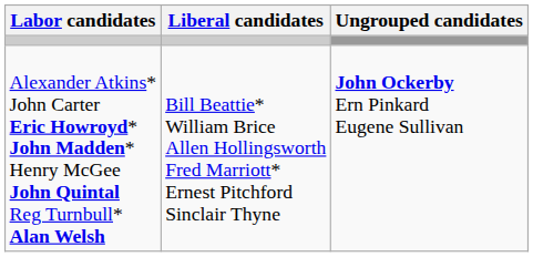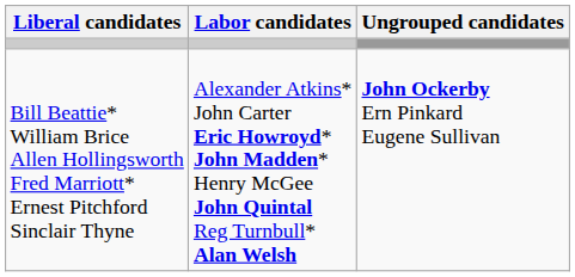 <table class="wikitable">
 <tr>
+<th><a href='#'>Liberal</a> candidates</th>
 <th><a href='#'>Labor</a> candidates</th>
-<th><a href='#'>Liberal</a> candidates</th>
 <th>Ungrouped candidates</th>
 </tr>
 <tr bgcolor="#cccccc">
 <td></td>
 <td></td>
 <td bgcolor="#999999"></td>
 </tr>
 <tr>
+<td><br><a href='#'>Bill Beattie</a>*<br> William Brice<br> <a href='#'>Allen Hollingsworth</a><br> <a href='#'>Fred Marriott</a>*<br> Ernest Pitchford<br> Sinclair Thyne</td>
 <td><br><a href='#'>Alexander Atkins</a>*<br> John Carter<br> <strong><a href='#'>Eric Howroyd</a></strong>*<br> <strong><a href='#'>John Madden</a></strong>*<br> Henry McGee<br> <strong><a href='#'>John Quintal</a></strong><br> <a href='#'>Reg Turnbull</a>*<br> <strong><a href='#'>Alan Welsh</a></strong></td>
-<td><br><a href='#'>Bill Beattie</a>*<br> William Brice<br> <a href='#'>Allen Hollingsworth</a><br> <a href='#'>Fred Marriott</a>*<br> Ernest Pitchford<br> Sinclair Thyne</td>
 <td valign=top><br><strong><a href='#'>John Ockerby</a></strong><br> Ern Pinkard<br> Eugene Sullivan</td>
 </tr>
 </table>
